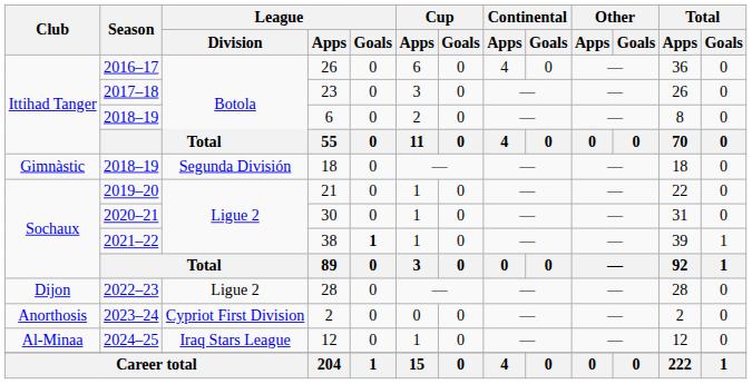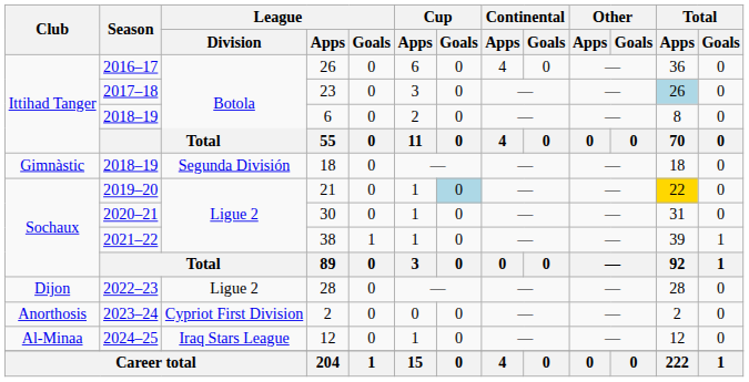 <table class="wikitable" style="text-align:center">
 <tr>
 <th rowspan="2">Club</th>
 <th rowspan="2">Season</th>
 <th colspan="3">League</th>
 <th colspan="2">Cup</th>
 <th colspan="2">Continental</th>
 <th colspan="2">Other</th>
 <th colspan="2">Total</th>
 </tr>
 <tr>
 <th>Division</th>
 <th>Apps</th>
 <th>Goals</th>
 <th>Apps</th>
 <th>Goals</th>
 <th>Apps</th>
 <th>Goals</th>
 <th>Apps</th>
 <th>Goals</th>
 <th>Apps</th>
 <th>Goals</th>
 </tr>
 <tr>
 <td rowspan="4"><a href='#'>Ittihad Tanger</a></td>
 <td><a href='#'>2016–17</a></td>
 <td rowspan="4"><a href='#'>Botola</a></td>
 <td>26</td>
 <td>0</td>
 <td>6</td>
 <td>0</td>
 <td>4</td>
 <td>0</td>
 <td colspan="2">—</td>
 <td>36</td>
 <td>0</td>
 </tr>
 <tr>
 <td><a href='#'>2017–18</a></td>
 <td>23</td>
 <td>0</td>
 <td>3</td>
 <td>0</td>
 <td colspan="2">—</td>
 <td colspan="2">—</td>
-<td>26</td>
+<td style="background: lightblue;">26</td>
 <td>0</td>
 </tr>
 <tr>
 <td><a href='#'>2018–19</a></td>
 <td>6</td>
 <td>0</td>
 <td>2</td>
 <td>0</td>
 <td colspan="2">—</td>
 <td colspan="2">—</td>
 <td>8</td>
 <td>0</td>
 </tr>
 <tr>
 <th colspan="2">Total</th>
 <th>55</th>
 <th>0</th>
 <th>11</th>
 <th>0</th>
 <th>4</th>
 <th>0</th>
 <th>0</th>
 <th>0</th>
 <th>70</th>
 <th>0</th>
 </tr>
 <tr>
 <td><a href='#'>Gimnàstic</a></td>
 <td><a href='#'>2018–19</a></td>
 <td><a href='#'>Segunda División</a></td>
 <td>18</td>
 <td>0</td>
 <td colspan="2">—</td>
 <td colspan="2">—</td>
 <td colspan="2">—</td>
 <td>18</td>
 <td>0</td>
 </tr>
 <tr>
 <td rowspan="4"><a href='#'>Sochaux</a></td>
 <td><a href='#'>2019–20</a></td>
 <td rowspan="3"><a href='#'>Ligue 2</a></td>
 <td>21</td>
 <td>0</td>
 <td>1</td>
-<td>0</td>
+<td style="background: lightblue;">0</td>
 <td colspan="2">—</td>
 <td colspan="2">—</td>
-<td>22</td>
+<td style="background: gold;">22</td>
 <td>0</td>
 </tr>
 <tr>
 <td><a href='#'>2020–21</a></td>
 <td>30</td>
 <td>0</td>
 <td>1</td>
 <td>0</td>
 <td colspan="2">—</td>
 <td colspan="2">—</td>
 <td>31</td>
 <td>0</td>
 </tr>
 <tr>
 <td><a href='#'>2021–22</a></td>
 <td>38</td>
-<td><strong>1</strong></td>
+<td>1</td>
 <td>1</td>
 <td>0</td>
 <td colspan="2">—</td>
 <td colspan="2">—</td>
 <td>39</td>
 <td>1</td>
 </tr>
 <tr>
 <th colspan="2">Total</th>
 <th>89</th>
 <th>0</th>
 <th>3</th>
 <th>0</th>
 <th>0</th>
 <th>0</th>
 <th colspan="2">—</th>
 <th>92</th>
 <th>1</th>
 </tr>
 <tr>
 <td><a href='#'>Dijon</a></td>
 <td><a href='#'>2022–23</a></td>
 <td>Ligue 2</td>
 <td>28</td>
 <td>0</td>
 <td colspan="2">—</td>
 <td colspan="2">—</td>
 <td colspan="2">—</td>
 <td>28</td>
 <td>0</td>
 </tr>
 <tr>
 <td><a href='#'>Anorthosis</a></td>
 <td><a href='#'>2023–24</a></td>
 <td><a href='#'>Cypriot First Division</a></td>
 <td>2</td>
 <td>0</td>
 <td>0</td>
 <td>0</td>
 <td colspan="2">—</td>
 <td colspan="2">—</td>
 <td>2</td>
 <td>0</td>
 </tr>
 <tr>
 <td><a href='#'>Al-Minaa</a></td>
 <td><a href='#'>2024–25</a></td>
 <td><a href='#'>Iraq Stars League</a></td>
 <td>12</td>
 <td>0</td>
 <td>1</td>
 <td>0</td>
 <td colspan="2">—</td>
 <td colspan="2">—</td>
 <td>12</td>
 <td>0</td>
 </tr>
 <tr>
 </tr>
 <tr>
 <th colspan="3">Career total</th>
 <th>204</th>
 <th>1</th>
 <th>15</th>
 <th>0</th>
 <th>4</th>
 <th>0</th>
 <th>0</th>
 <th>0</th>
 <th>222</th>
 <th>1</th>
 </tr>
 </table>
